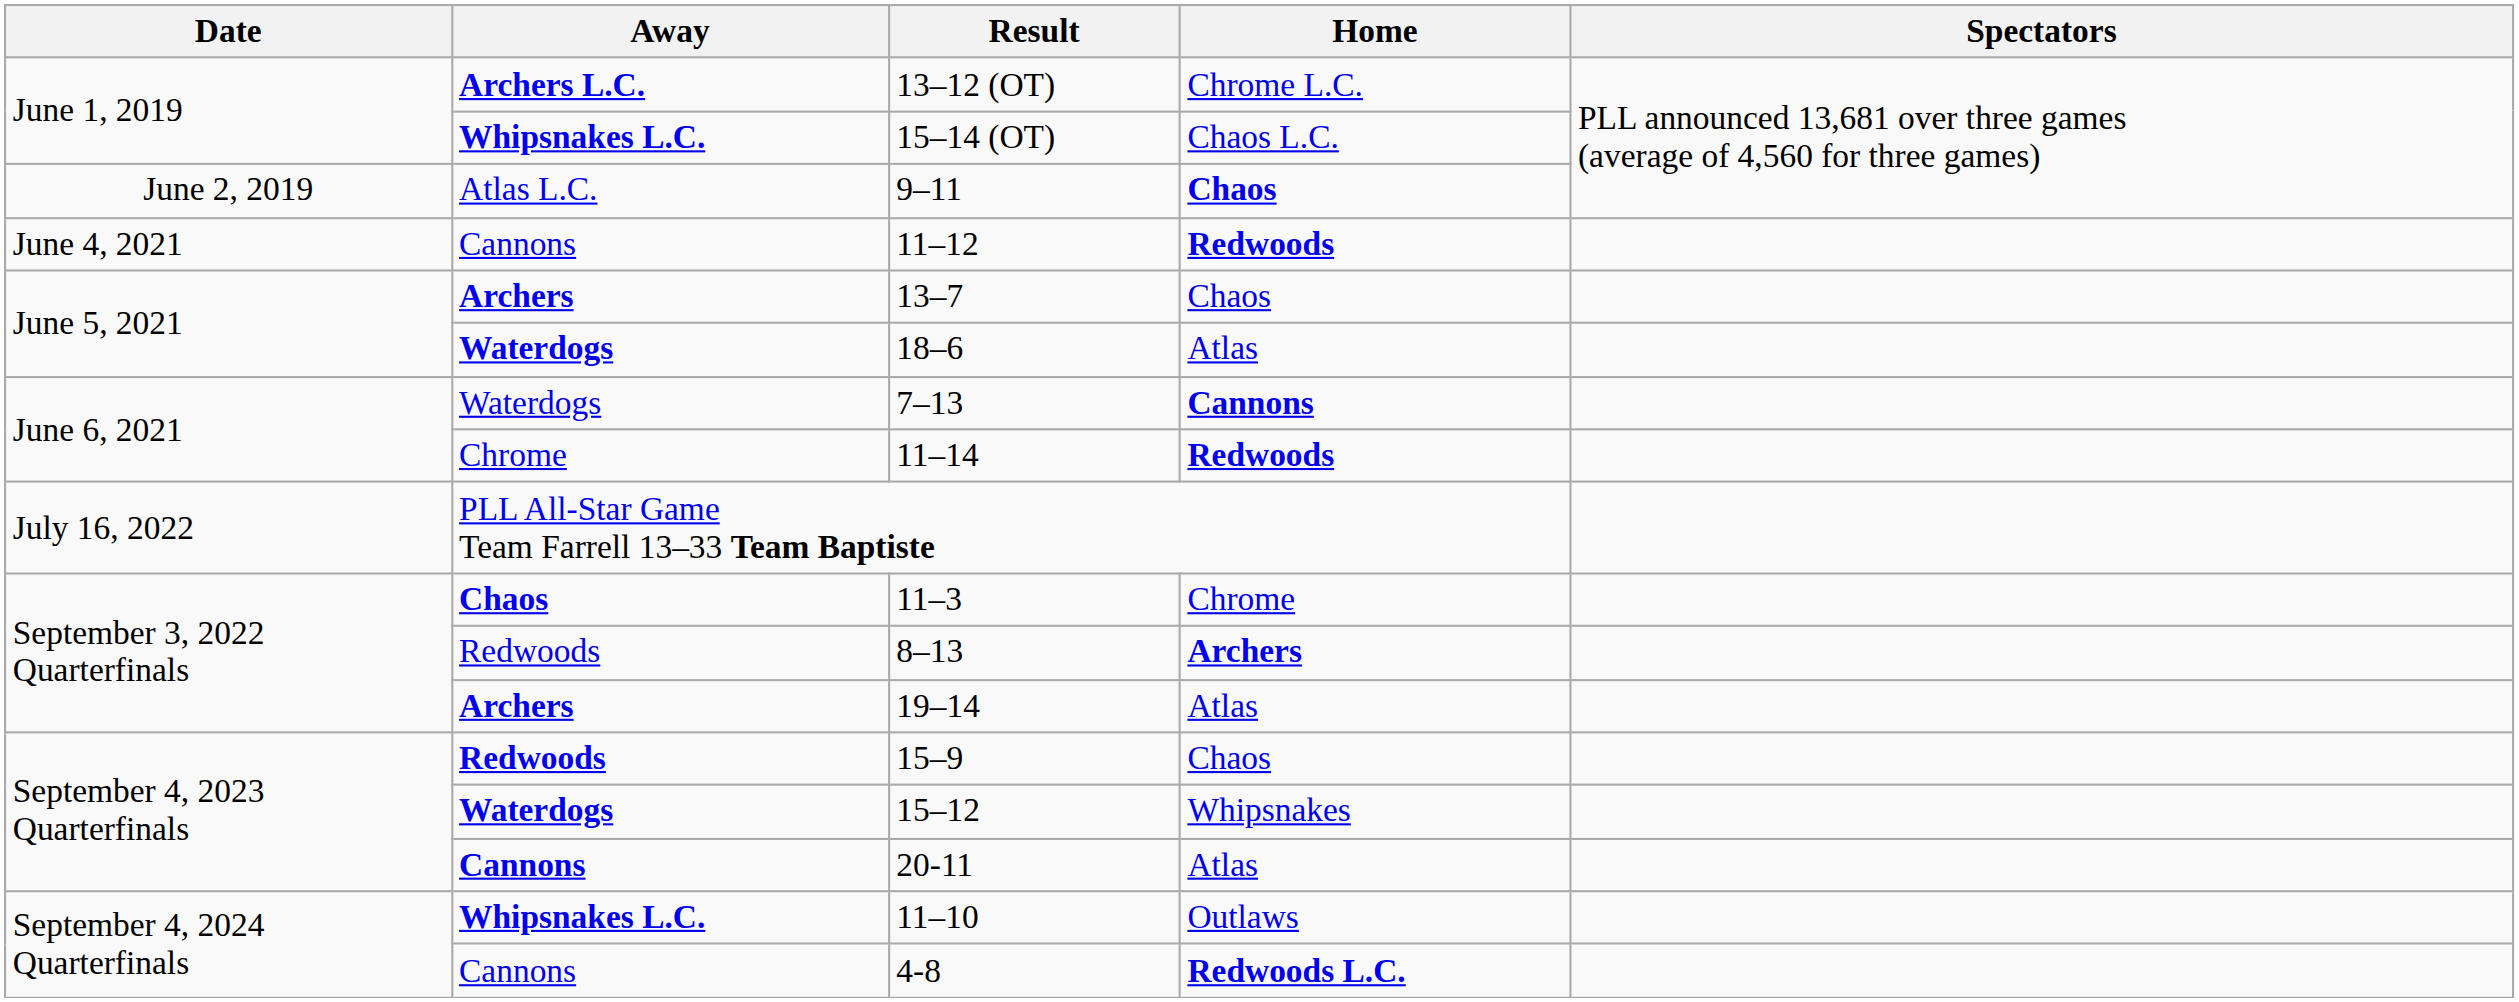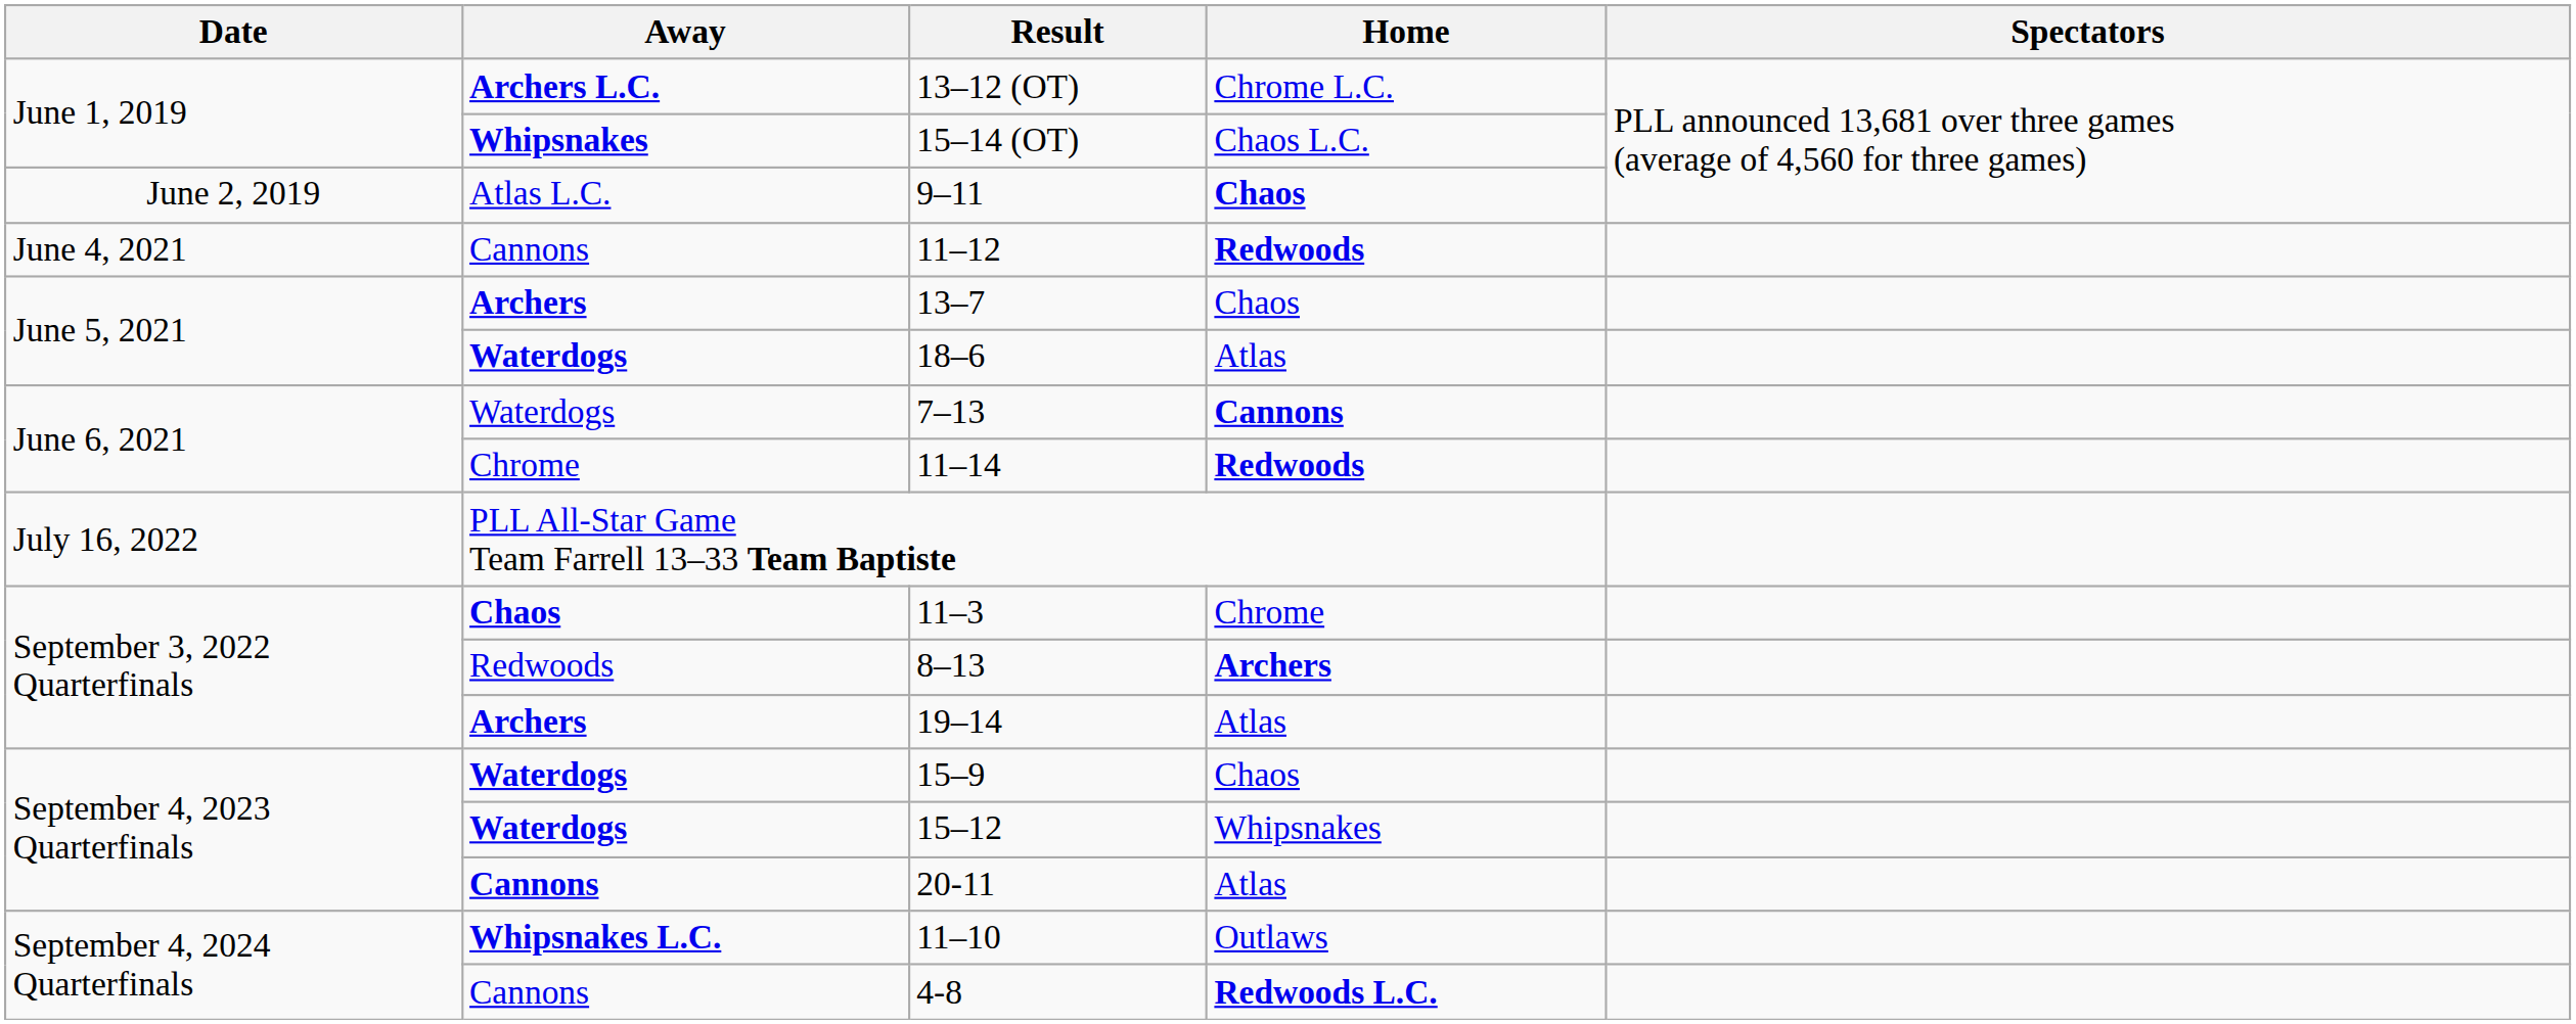 <table class="wikitable" style="text-align:left; width:95%;" style="text-align:center">
 <tr>
 <th style="text-align:center; ">Date</th>
 <th style="text-align:center; ">Away</th>
 <th style="text-align:center; ">Result</th>
 <th style="text-align:center; ">Home</th>
 <th style="text-align:center; ">Spectators</th>
 </tr>
 <tr>
 <td rowspan="2">June 1, 2019</td>
 <td><strong><a href='#'>Archers L.C.</a></strong></td>
 <td>13–12 (OT)</td>
 <td><a href='#'>Chrome L.C.</a></td>
 <td rowspan="3">PLL announced 13,681 over three games<br>(average of 4,560 for three games)</td>
 </tr>
 <tr>
-<td><strong><a href='#'>Whipsnakes L.C.</a></strong></td>
+<td><strong><a href='#'>Whipsnakes</a></strong></td>
 <td>15–14 (OT)</td>
 <td><a href='#'>Chaos L.C.</a></td>
 </tr>
 <tr>
 <td style="text-align:center;">June 2, 2019</td>
 <td><a href='#'>Atlas L.C.</a></td>
 <td>9–11</td>
 <td><strong><a href='#'>Chaos</a></strong></td>
 </tr>
 <tr>
 <td rowspan="1">June 4, 2021</td>
 <td><a href='#'>Cannons</a></td>
 <td>11–12</td>
 <td><strong><a href='#'>Redwoods</a></strong></td>
 <td></td>
 </tr>
 <tr>
 <td rowspan="2">June 5, 2021</td>
 <td><strong><a href='#'>Archers</a></strong></td>
 <td>13–7</td>
 <td><a href='#'>Chaos</a></td>
 <td></td>
 </tr>
 <tr>
 <td><strong><a href='#'>Waterdogs</a></strong></td>
 <td>18–6</td>
 <td><a href='#'>Atlas</a></td>
 <td></td>
 </tr>
 <tr>
 <td rowspan="2">June 6, 2021</td>
 <td><a href='#'>Waterdogs</a></td>
 <td>7–13</td>
 <td><strong><a href='#'>Cannons</a></strong></td>
 <td></td>
 </tr>
 <tr>
 <td><a href='#'>Chrome</a></td>
 <td>11–14</td>
 <td><strong><a href='#'>Redwoods</a></strong></td>
 <td></td>
 </tr>
 <tr>
 <td>July 16, 2022</td>
 <td colspan="3"><a href='#'>PLL All-Star Game</a><br>Team Farrell 13–33 <strong>Team Baptiste</strong></td>
 <td></td>
 </tr>
 <tr>
 <td rowspan="3">September 3, 2022<br>Quarterfinals</td>
 <td><strong><a href='#'>Chaos</a></strong></td>
 <td>11–3</td>
 <td><a href='#'>Chrome</a></td>
 <td></td>
 </tr>
 <tr>
 <td><a href='#'>Redwoods</a></td>
 <td>8–13</td>
 <td><strong><a href='#'>Archers</a></strong></td>
 <td></td>
 </tr>
 <tr>
 <td><strong><a href='#'>Archers</a></strong></td>
 <td>19–14</td>
 <td><a href='#'>Atlas</a></td>
 <td></td>
 </tr>
 <tr>
 <td rowspan="3">September 4, 2023<br>Quarterfinals</td>
-<td><strong><a href='#'>Redwoods</a></strong></td>
+<td><strong><a href='#'>Waterdogs</a></strong></td>
 <td>15–9</td>
 <td><a href='#'>Chaos</a></td>
 <td></td>
 </tr>
 <tr>
 <td><strong><a href='#'>Waterdogs</a></strong></td>
 <td>15–12</td>
 <td><a href='#'>Whipsnakes</a></td>
 <td></td>
 </tr>
 <tr>
 <td><strong><a href='#'>Cannons</a></strong></td>
 <td>20-11</td>
 <td><a href='#'>Atlas</a></td>
 <td></td>
 </tr>
 <tr>
 <td rowspan="3">September 4, 2024<br>Quarterfinals</td>
 <td><strong><a href='#'>Whipsnakes L.C.</a></strong></td>
 <td>11–10</td>
 <td><a href='#'>Outlaws</a></td>
 <td></td>
 </tr>
 <tr>
 <td><a href='#'>Cannons</a></td>
 <td>4-8</td>
 <td><strong><a href='#'>Redwoods L.C.</a></strong></td>
 <td></td>
 </tr>
 </table>
